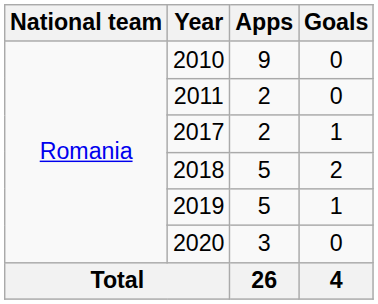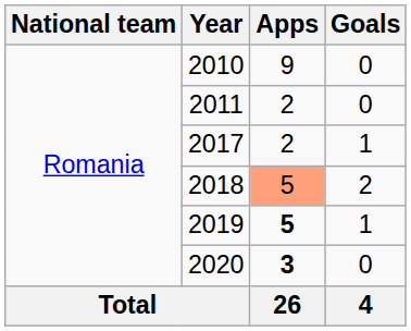 <table class="wikitable" style="text-align:center">
 <tr>
 <th>National team</th>
 <th>Year</th>
 <th>Apps</th>
 <th>Goals</th>
 </tr>
 <tr>
 <td rowspan="6"><a href='#'>Romania</a></td>
 <td>2010</td>
 <td>9</td>
 <td>0</td>
 </tr>
 <tr>
 <td>2011</td>
 <td>2</td>
 <td>0</td>
 </tr>
 <tr>
 <td>2017</td>
 <td>2</td>
 <td>1</td>
 </tr>
 <tr>
 <td>2018</td>
-<td>5</td>
+<td style="background: lightsalmon;">5</td>
 <td>2</td>
 </tr>
 <tr>
 <td>2019</td>
-<td>5</td>
+<td><strong>5</strong></td>
 <td>1</td>
 </tr>
 <tr>
 <td>2020</td>
-<td>3</td>
+<td><strong>3</strong></td>
 <td>0</td>
 </tr>
 <tr>
 <th colspan="2">Total</th>
 <th>26</th>
 <th>4</th>
 </tr>
 </table>
